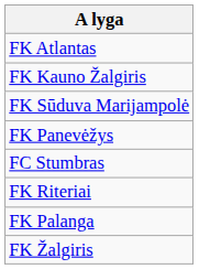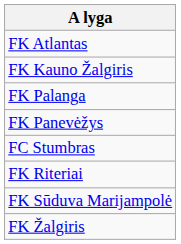 <table class="wikitable">
 <tr>
 <th>A lyga</th>
 </tr>
 <tr>
 <td><a href='#'>FK Atlantas</a></td>
 </tr>
 <tr>
 <td><a href='#'>FK Kauno Žalgiris</a></td>
 </tr>
 <tr>
-<td><a href='#'>FK Sūduva Marijampolė</a></td>
+<td><a href='#'>FK Palanga</a></td>
 </tr>
 <tr>
 <td><a href='#'>FK Panevėžys</a></td>
 </tr>
 <tr>
 <td><a href='#'>FC Stumbras</a></td>
 </tr>
 <tr>
 <td><a href='#'>FK Riteriai</a></td>
 </tr>
 <tr>
-<td><a href='#'>FK Palanga</a></td>
+<td><a href='#'>FK Sūduva Marijampolė</a></td>
 </tr>
 <tr>
 <td><a href='#'>FK Žalgiris</a></td>
 </tr>
 </table>
